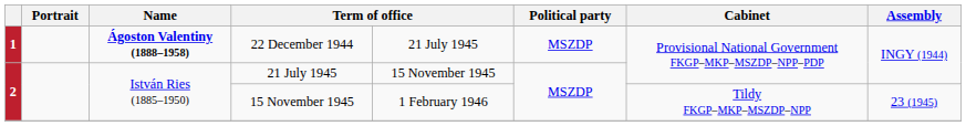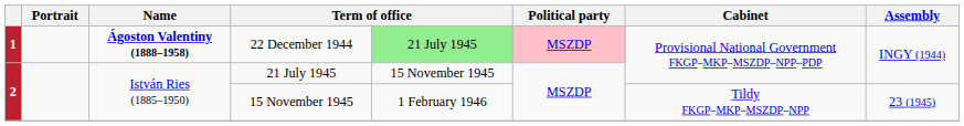 <table class="wikitable" style="width:90%; text-align:center;">
 <tr>
 <th></th>
 <th>Portrait</th>
 <th>Name<br></th>
 <th colspan=2>Term of office</th>
 <th>Political party</th>
 <th>Cabinet</th>
 <th><a href='#'>Assembly</a><br></th>
 </tr>
 <tr>
 <th style="background-color:#BE1F2E; color:white">1</th>
 <td></td>
 <td><strong><a href='#'>Ágoston Valentiny</a><br><small>(1888–1958)</small></strong></td>
 <td>22 December 1944</td>
-<td>21 July 1945</td>
-<td><a href='#'>MSZDP</a></td>
+<td style="background: lightgreen;">21 July 1945</td>
+<td style="background: pink;"><a href='#'>MSZDP</a></td>
 <td rowspan="2"><a href='#'>Provisional National Government</a><br><small><a href='#'>FKGP</a>–<a href='#'>MKP</a>–<a href='#'>MSZDP</a>–<a href='#'>NPP</a>–<a href='#'>PDP</a></small></td>
 <td rowspan="2"><a href='#'>INGY <small>(1944)</small></a></td>
 </tr>
 <tr>
 <th rowspan="2" style="background-color:#BE1F2E; color:white">2</th>
 <td rowspan="2"></td>
 <td rowspan="2"><a href='#'>István Ries</a><br><small>(1885–1950)</small></td>
 <td>21 July 1945</td>
 <td>15 November 1945</td>
 <td rowspan="2"><a href='#'>MSZDP</a></td>
 </tr>
 <tr>
 <td>15 November 1945</td>
 <td>1 February 1946</td>
 <td><a href='#'>Tildy</a><br><small><a href='#'>FKGP</a>–<a href='#'>MKP</a>–<a href='#'>MSZDP</a>–<a href='#'>NPP</a></small></td>
 <td><a href='#'>23 <small>(1945)</small></a></td>
 </tr>
 <tr>
 </tr>
 </table>
